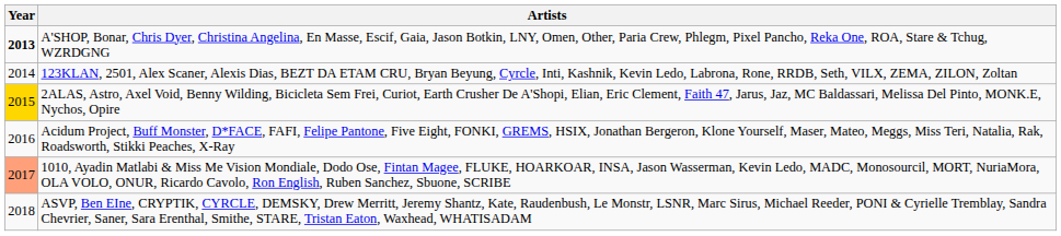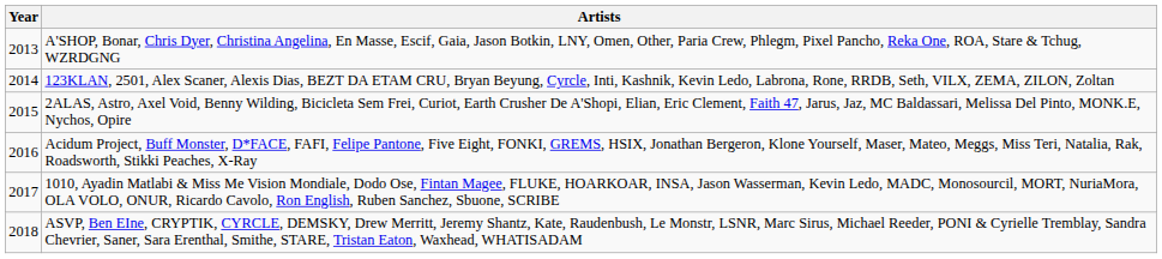 <table class="wikitable mw-collapsible">
 <tr>
 <th>Year</th>
 <th>Artists</th>
 </tr>
 <tr>
-<td><strong>2013</strong></td>
+<td>2013</td>
 <td>A'SHOP, Bonar, <a href='#'>Chris Dyer</a>, <a href='#'>Christina Angelina</a>, En Masse, Escif, Gaia, Jason Botkin, LNY, Omen, Other, Paria Crew, Phlegm, Pixel Pancho, <a href='#'>Reka One</a>, ROA, Stare & Tchug, WZRDGNG</td>
 </tr>
 <tr>
 <td>2014</td>
 <td><a href='#'>123KLAN</a>, 2501, Alex Scaner, Alexis Dias, BEZT DA ETAM CRU, Bryan Beyung, <a href='#'>Cyrcle</a>, Inti, Kashnik, Kevin Ledo, Labrona, Rone, RRDB, Seth, VILX, ZEMA, ZILON, Zoltan</td>
 </tr>
 <tr>
-<td style="background: gold;">2015</td>
+<td>2015</td>
 <td>2ALAS, Astro, Axel Void,  Benny Wilding, Bicicleta Sem Frei, Curiot, Earth Crusher De A'Shopi, Elian, Eric Clement, <a href='#'>Faith 47</a>, Jarus, Jaz, MC Baldassari, Melissa Del Pinto, MONK.E, Nychos, Opire</td>
 </tr>
 <tr>
 <td>2016</td>
 <td>Acidum Project, <a href='#'>Buff Monster</a>, <a href='#'>D*FACE</a>, FAFI, <a href='#'>Felipe Pantone</a>, Five Eight, FONKI, <a href='#'>GREMS</a>, HSIX, Jonathan Bergeron, Klone Yourself, Maser, Mateo, Meggs, Miss Teri, Natalia, Rak, Roadsworth, Stikki Peaches, X-Ray</td>
 </tr>
 <tr>
-<td style="background: lightsalmon;">2017</td>
+<td>2017</td>
 <td>1010, Ayadin Matlabi & Miss Me Vision Mondiale, Dodo Ose, <a href='#'>Fintan Magee</a>, FLUKE, HOARKOAR, INSA, Jason Wasserman, Kevin Ledo, MADC, Monosourcil, MORT, NuriaMora, OLA VOLO, ONUR, Ricardo Cavolo, <a href='#'>Ron English</a>, Ruben Sanchez, Sbuone, SCRIBE</td>
 </tr>
 <tr>
 <td>2018</td>
 <td>ASVP, <a href='#'>Ben EIne</a>, CRYPTIK, <a href='#'>CYRCLE</a>, DEMSKY, Drew Merritt, Jeremy Shantz, Kate, Raudenbush, Le Monstr, LSNR, Marc Sirus, Michael Reeder, PONI & Cyrielle Tremblay, Sandra Chevrier, Saner, Sara Erenthal, Smithe, STARE, <a href='#'>Tristan Eaton</a>, Waxhead, WHATISADAM</td>
 </tr>
 </table>
